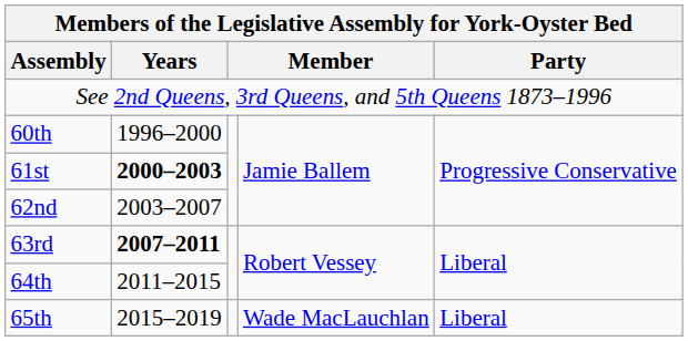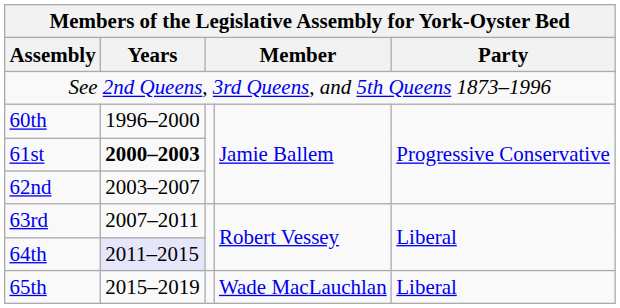 <table class="wikitable" align=centre>
 <tr>
 <th colspan=5>Members of the Legislative Assembly for York-Oyster Bed</th>
 </tr>
 <tr>
 <th>Assembly</th>
 <th>Years</th>
 <th colspan="2">Member</th>
 <th>Party</th>
 </tr>
 <tr>
 <td align="center" colspan=5><em>See <a href='#'>2nd Queens</a>, <a href='#'>3rd Queens</a>, and <a href='#'>5th Queens</a> 1873–1996</em></td>
 </tr>
 <tr>
 <td><a href='#'>60th</a></td>
 <td>1996–2000</td>
 <td rowspan=3 ></td>
 <td rowspan=3><a href='#'>Jamie Ballem</a></td>
 <td rowspan=3><a href='#'>Progressive Conservative</a></td>
 </tr>
 <tr>
 <td><a href='#'>61st</a></td>
 <td><strong>2000–2003</strong></td>
 </tr>
 <tr>
 <td><a href='#'>62nd</a></td>
 <td>2003–2007</td>
 </tr>
 <tr>
 <td><a href='#'>63rd</a></td>
-<td><strong>2007–2011</strong></td>
+<td>2007–2011</td>
 <td rowspan=2 ></td>
 <td rowspan=2><a href='#'>Robert Vessey</a></td>
 <td rowspan=2><a href='#'>Liberal</a></td>
 </tr>
 <tr>
 <td><a href='#'>64th</a></td>
-<td>2011–2015</td>
+<td style="background: lavender;">2011–2015</td>
 </tr>
 <tr>
 <td><a href='#'>65th</a></td>
 <td>2015–2019</td>
 <td rowspan=1 ></td>
 <td rowspan=1><a href='#'>Wade MacLauchlan</a></td>
 <td rowspan=1><a href='#'>Liberal</a></td>
 </tr>
 </table>
